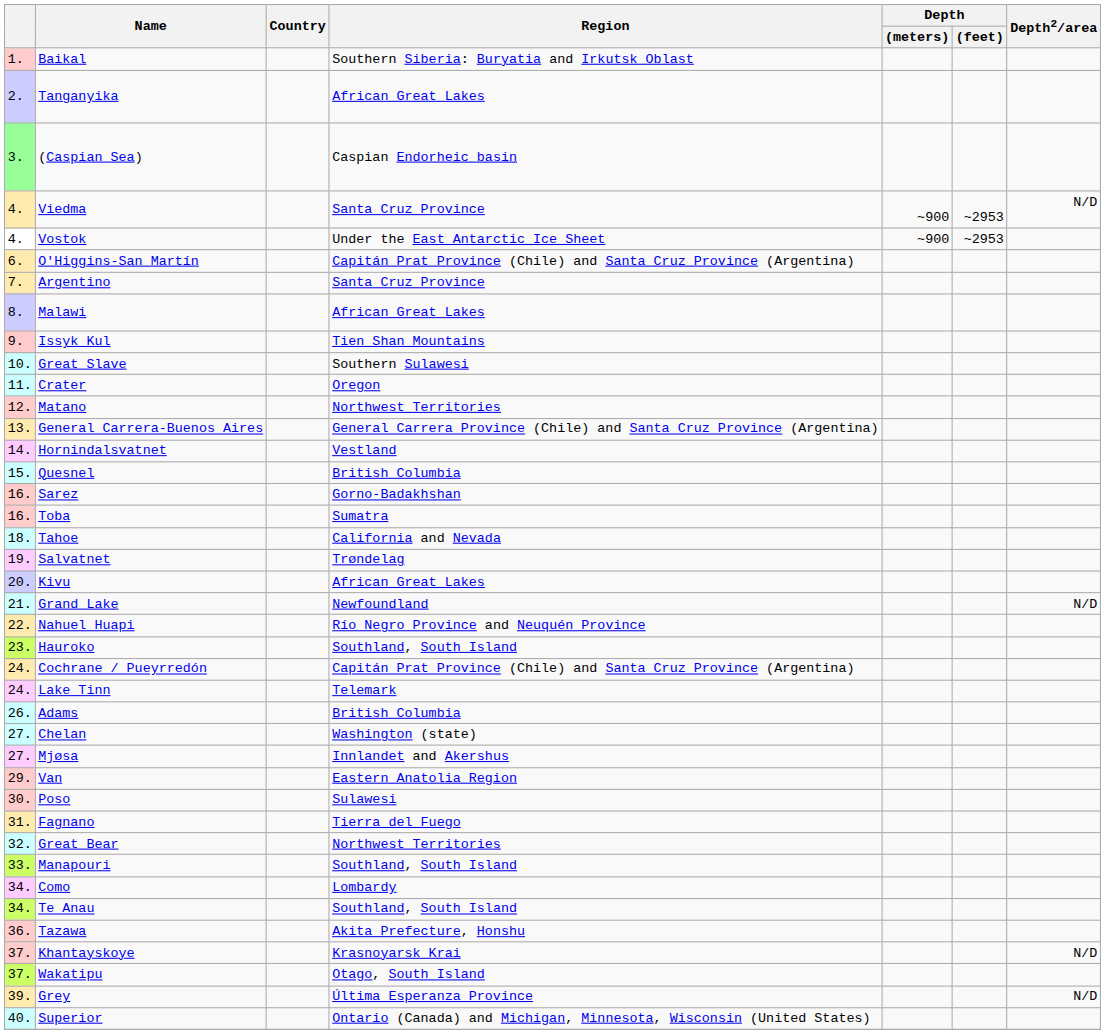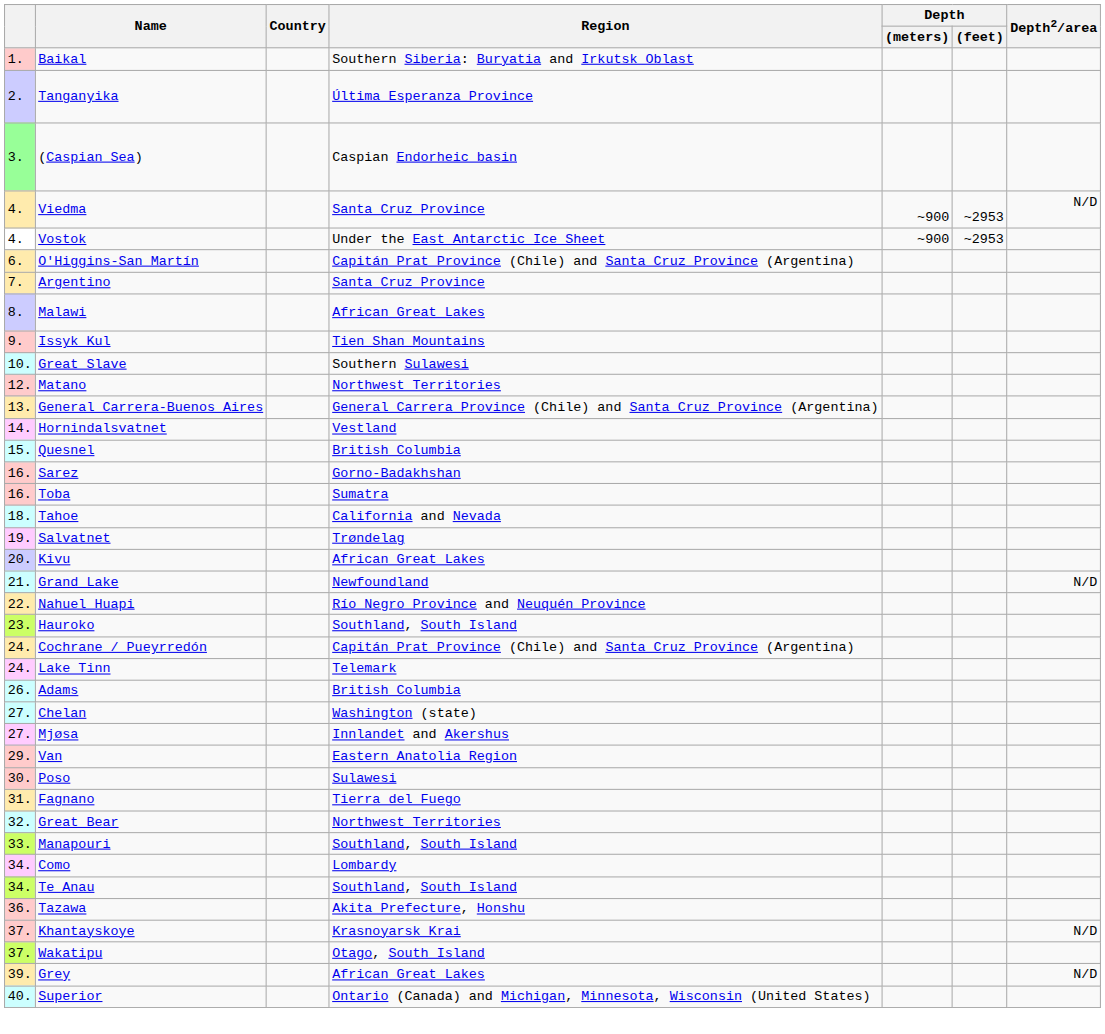 <table class="wikitable sortable">
 <tr>
 <th width="20" rowspan=2></th>
 <th align="left" rowspan=2>Name</th>
 <th align="center" rowspan=2>Country</th>
 <th class="unsortable" align="center" rowspan=2>Region</th>
 <th align="center" colspan=2>Depth</th>
 <th align="center" rowspan=2>Depth<sup>2</sup>/area</th>
 </tr>
 <tr>
 <th align="center">(meters)</th>
 <th align="center">(feet)</th>
 </tr>
 <tr>
 <td bgcolor="FFCBCB">1.</td>
 <td><a href='#'>Baikal</a></td>
 <td></td>
 <td>Southern <a href='#'>Siberia</a>: <a href='#'>Buryatia</a> and <a href='#'>Irkutsk Oblast</a></td>
 <td align="right" valign="top"></td>
 <td align="right" valign="top"></td>
 <td align="right" valign="top"></td>
 </tr>
 <tr>
 <td bgcolor="CCCCFF">2.</td>
 <td><a href='#'>Tanganyika</a></td>
 <td><br><br><br></td>
-<td><a href='#'>African Great Lakes</a></td>
+<td><a href='#'>Última Esperanza Province</a></td>
 <td align="right" valign="top"></td>
 <td align="right" valign="top"></td>
 <td align="right" valign="top"></td>
 </tr>
 <tr>
 <td bgcolor="98FF98">3.</td>
 <td>(<a href='#'>Caspian Sea</a>)</td>
 <td><br><br><br><br></td>
 <td>Caspian <a href='#'>Endorheic basin</a></td>
 <td align="right" valign="top"></td>
 <td align="right" valign="top"></td>
 <td align="right" valign="top"></td>
 </tr>
 <tr>
 <td bgcolor="FFEBAD">4.</td>
 <td><a href='#'>Viedma</a></td>
 <td></td>
 <td><a href='#'>Santa Cruz Province</a></td>
 <td align="right" valign="top"><br>~900</td>
 <td align="right" valign="top"><br>~2953</td>
 <td align="right" valign="top">N/D</td>
 </tr>
 <tr>
 <td bgcolor="FFFFFF">4.</td>
 <td><a href='#'>Vostok</a></td>
 <td></td>
 <td>Under the <a href='#'>East Antarctic Ice Sheet</a></td>
 <td align="right" valign="top">~900</td>
 <td align="right" valign="top">~2953</td>
 <td align="right" valign="top"></td>
 </tr>
 <tr>
 <td bgcolor="FFEBAD">6.</td>
 <td><a href='#'>O'Higgins-San Martín</a></td>
 <td><br></td>
 <td><a href='#'>Capitán Prat Province</a> (Chile) and <a href='#'>Santa Cruz Province</a> (Argentina)</td>
 <td align="right" valign="top"></td>
 <td align="right" valign="top"></td>
 <td align="right" valign="top"></td>
 </tr>
 <tr>
 <td bgcolor="#FFEBAD">7.</td>
 <td><a href='#'>Argentino</a></td>
 <td></td>
 <td><a href='#'>Santa Cruz Province</a></td>
 <td align="right" valign="top"><br></td>
 <td align="right" valign="top"><br></td>
 <td align="right" valign="top"><br></td>
 </tr>
 <tr>
 <td bgcolor="#CCCCFF">8.</td>
 <td><a href='#'>Malawi</a></td>
 <td><br><br></td>
 <td><a href='#'>African Great Lakes</a></td>
 <td align="right" valign="top"></td>
 <td align="right" valign="top"></td>
 <td align="right" valign="top"></td>
 </tr>
 <tr>
 <td bgcolor="#FFCBCB">9.</td>
 <td><a href='#'>Issyk Kul</a></td>
 <td></td>
 <td><a href='#'>Tien Shan Mountains</a></td>
 <td align="right" valign="top"></td>
 <td align="right" valign="top"></td>
 <td align="right" valign="top"></td>
 </tr>
 <tr>
 <td bgcolor="#CCFFFF">10.</td>
 <td><a href='#'>Great Slave</a></td>
 <td></td>
 <td>Southern <a href='#'>Sulawesi</a></td>
-<td align="right" valign="top"></td>
-<td align="right" valign="top"></td>
-<td align="right" valign="top"></td>
-</tr>
-<tr>
-<td bgcolor="#CCFFFF">11.</td>
-<td><a href='#'>Crater</a></td>
-<td></td>
-<td><a href='#'>Oregon</a></td>
 <td align="right" valign="top"></td>
 <td align="right" valign="top"></td>
 <td align="right" valign="top"></td>
 </tr>
 <tr>
 <td bgcolor="#FFCBCB">12.</td>
 <td><a href='#'>Matano</a></td>
 <td></td>
 <td><a href='#'>Northwest Territories</a></td>
 <td align="right" valign="top"></td>
 <td align="right" valign="top"></td>
 <td align="right" valign="top"></td>
 </tr>
 <tr>
 <td bgcolor="#FFEBAD">13.</td>
 <td><a href='#'>General Carrera-Buenos Aires</a></td>
 <td><br></td>
 <td><a href='#'>General Carrera Province</a> (Chile) and <a href='#'>Santa Cruz Province</a> (Argentina)</td>
 <td align="right" valign="top"></td>
 <td align="right" valign="top"></td>
 <td align="right" valign="top"></td>
 </tr>
 <tr>
 <td bgcolor="#FFCCFF">14.</td>
 <td><a href='#'>Hornindalsvatnet</a></td>
 <td></td>
 <td><a href='#'>Vestland</a></td>
 <td align="right" valign="top"></td>
 <td align="right" valign="top"></td>
 <td align="right" valign="top"></td>
 </tr>
 <tr>
 <td bgcolor="#CCFFFF">15.</td>
 <td><a href='#'>Quesnel</a></td>
 <td></td>
 <td><a href='#'>British Columbia</a></td>
 <td align="right" valign="top"></td>
 <td align="right" valign="top"></td>
 <td align="right" valign="top"></td>
 </tr>
 <tr>
 <td bgcolor="#FFCBCB">16.</td>
 <td><a href='#'>Sarez</a></td>
 <td></td>
 <td><a href='#'>Gorno-Badakhshan</a></td>
 <td align="right" valign="top"></td>
 <td align="right" valign="top"></td>
 <td align="right" valign="top"></td>
 </tr>
 <tr>
 <td bgcolor="#FFCBCB">16.</td>
 <td><a href='#'>Toba</a></td>
 <td></td>
 <td><a href='#'>Sumatra</a></td>
 <td align="right" valign="top"></td>
 <td align="right" valign="top"></td>
 <td align="right" valign="top"></td>
 </tr>
 <tr>
 <td bgcolor="#CCFFFF">18.</td>
 <td><a href='#'>Tahoe</a></td>
 <td></td>
 <td><a href='#'>California</a> and <a href='#'>Nevada</a></td>
 <td align="right" valign="top"></td>
 <td align="right" valign="top"></td>
 <td align="right" valign="top"><br></td>
 </tr>
 <tr>
 <td bgcolor="#FFCCFF">19.</td>
 <td><a href='#'>Salvatnet</a></td>
 <td></td>
 <td><a href='#'>Trøndelag</a></td>
 <td align="right" valign="top"><br></td>
 <td align="right" valign="top"><br></td>
 <td align="right" valign="top"><br></td>
 </tr>
 <tr>
 <td bgcolor="#CCCCFF">20.</td>
 <td><a href='#'>Kivu</a></td>
 <td><br></td>
 <td><a href='#'>African Great Lakes</a></td>
 <td align="right" valign="top"></td>
 <td align="right" valign="top"></td>
 <td align="right" valign="top"></td>
 </tr>
 <tr>
 <td bgcolor="#CCFFFF">21.</td>
 <td><a href='#'>Grand Lake</a></td>
 <td></td>
 <td><a href='#'>Newfoundland</a></td>
 <td valign="top" align="right"><br></td>
 <td valign="top" align="right"><br></td>
 <td align="right" valign="top">N/D</td>
 </tr>
 <tr>
 <td bgcolor="#FFEBAD">22.</td>
 <td><a href='#'>Nahuel Huapi</a></td>
 <td></td>
 <td><a href='#'>Río Negro Province</a> and <a href='#'>Neuquén Province</a></td>
 <td valign="top" align="right"></td>
 <td valign="top" align="right"></td>
 <td valign="top" align="right"></td>
 </tr>
 <tr>
 <td bgcolor="#CCFF66">23.</td>
 <td><a href='#'>Hauroko</a></td>
 <td></td>
 <td><a href='#'>Southland</a>, <a href='#'>South Island</a></td>
 <td valign="top" align="right"></td>
 <td valign="top" align="right"></td>
 <td valign="top" align="right"></td>
 </tr>
 <tr>
 <td bgcolor="#FFEBAD">24.</td>
 <td><a href='#'>Cochrane / Pueyrredón</a></td>
 <td><br></td>
 <td><a href='#'>Capitán Prat Province</a> (Chile) and <a href='#'>Santa Cruz Province</a> (Argentina)</td>
 <td valign="top" align="right"></td>
 <td valign="top" align="right"></td>
 <td valign="top" align="right"></td>
 </tr>
 <tr>
 <td bgcolor="#FFCCFF">24.</td>
 <td><a href='#'>Lake Tinn</a></td>
 <td></td>
 <td><a href='#'>Telemark</a></td>
 <td valign="top" align="right"></td>
 <td valign="top" align="right"></td>
 <td valign="top" align="right"></td>
 </tr>
 <tr>
 <td bgcolor="#CCFFFF">26.</td>
 <td><a href='#'>Adams</a></td>
 <td></td>
 <td><a href='#'>British Columbia</a></td>
 <td valign="top" align="right"></td>
 <td valign="top" align="right"></td>
 <td valign="top" align="right"></td>
 </tr>
 <tr>
 <td bgcolor="#CCFFFF">27.</td>
 <td><a href='#'>Chelan</a></td>
 <td></td>
 <td><a href='#'>Washington</a> (state)</td>
 <td valign="top" align="right"></td>
 <td valign="top" align="right"></td>
 <td valign="top" align="right"></td>
 </tr>
 <tr>
 <td bgcolor="#FFCCFF">27.</td>
 <td><a href='#'>Mjøsa</a></td>
 <td></td>
 <td><a href='#'>Innlandet</a> and <a href='#'>Akershus</a></td>
 <td align="right" valign="top"><br></td>
 <td align="right" valign="top"><br></td>
 <td align="right" valign="top"><br></td>
 </tr>
 <tr>
 <td bgcolor="#FFCBCB">29.</td>
 <td><a href='#'>Van</a></td>
 <td></td>
 <td><a href='#'>Eastern Anatolia Region</a></td>
 <td valign="top" align="right"></td>
 <td valign="top" align="right"></td>
 <td valign="top" align="right"></td>
 </tr>
 <tr>
 <td bgcolor="#FFCBCB">30.</td>
 <td><a href='#'>Poso</a></td>
 <td></td>
 <td><a href='#'>Sulawesi</a></td>
 <td valign="top" align="right"></td>
 <td valign="top" align="right"></td>
 <td valign="top" align="right"></td>
 </tr>
 <tr>
 <td bgcolor="#FFEBAD">31.</td>
 <td><a href='#'>Fagnano</a></td>
 <td><br></td>
 <td><a href='#'>Tierra del Fuego</a></td>
 <td valign="top" align="right"></td>
 <td valign="top" align="right"></td>
 <td valign="top" align="right"></td>
 </tr>
 <tr>
 <td bgcolor="#CCFFFF">32.</td>
 <td><a href='#'>Great Bear</a></td>
 <td></td>
 <td><a href='#'>Northwest Territories</a></td>
 <td valign="top" align="right"></td>
 <td valign="top" align="right"></td>
 <td valign="top" align="right"></td>
 </tr>
 <tr>
 <td bgcolor="#CCFF66">33.</td>
 <td><a href='#'>Manapouri</a></td>
 <td></td>
 <td><a href='#'>Southland</a>, <a href='#'>South Island</a></td>
 <td valign="top" align="right"></td>
 <td valign="top" align="right"></td>
 <td valign="top" align="right"></td>
 </tr>
 <tr>
 <td bgcolor="#FFCCFF">34.</td>
 <td><a href='#'>Como</a></td>
 <td></td>
 <td><a href='#'>Lombardy</a></td>
 <td align="right" valign="top"></td>
 <td align="right" valign="top"></td>
 <td align="right" valign="top"></td>
 </tr>
 <tr>
 <td bgcolor="#CCFF66">34.</td>
 <td><a href='#'>Te Anau</a></td>
 <td></td>
 <td><a href='#'>Southland</a>, <a href='#'>South Island</a></td>
 <td align="right" valign="top"></td>
 <td align="right" valign="top"></td>
 <td align="right" valign="top"></td>
 </tr>
 <tr>
 <td bgcolor="#FFCBCB">36.</td>
 <td><a href='#'>Tazawa</a></td>
 <td></td>
 <td><a href='#'>Akita Prefecture</a>, <a href='#'>Honshu</a></td>
 <td align="right" valign="top"></td>
 <td align="right" valign="top"></td>
 <td align="right" valign="top"></td>
 </tr>
 <tr>
 <td bgcolor="#FFCBCB">37.</td>
 <td><a href='#'>Khantayskoye</a></td>
 <td></td>
 <td><a href='#'>Krasnoyarsk Krai</a></td>
 <td align="right" valign="top"><br></td>
 <td align="right" valign="top"><br></td>
 <td align="right" valign="top">N/D</td>
 </tr>
 <tr>
 <td bgcolor="#CCFF66">37.</td>
 <td><a href='#'>Wakatipu</a></td>
 <td></td>
 <td><a href='#'>Otago</a>, <a href='#'>South Island</a></td>
 <td align="right" valign="top"></td>
 <td align="right" valign="top"></td>
 <td align="right" valign="top"></td>
 </tr>
 <tr>
 <td bgcolor="#FFEBAD">39.</td>
 <td><a href='#'>Grey</a></td>
 <td></td>
-<td><a href='#'>Última Esperanza Province</a></td>
+<td><a href='#'>African Great Lakes</a></td>
 <td align="right" valign="top"><br></td>
 <td align="right" valign="top"><br></td>
 <td align="right" valign="top">N/D</td>
 </tr>
 <tr>
 <td bgcolor="#CCFFFF">40.</td>
 <td><a href='#'>Superior</a></td>
 <td><br></td>
 <td><a href='#'>Ontario</a> (Canada) and <a href='#'>Michigan</a>, <a href='#'>Minnesota</a>, <a href='#'>Wisconsin</a> (United States)</td>
 <td align="right" valign="top"></td>
 <td align="right" valign="top"></td>
 <td align="right" valign="top"></td>
 </tr>
 <tr>
 </tr>
 </table>
